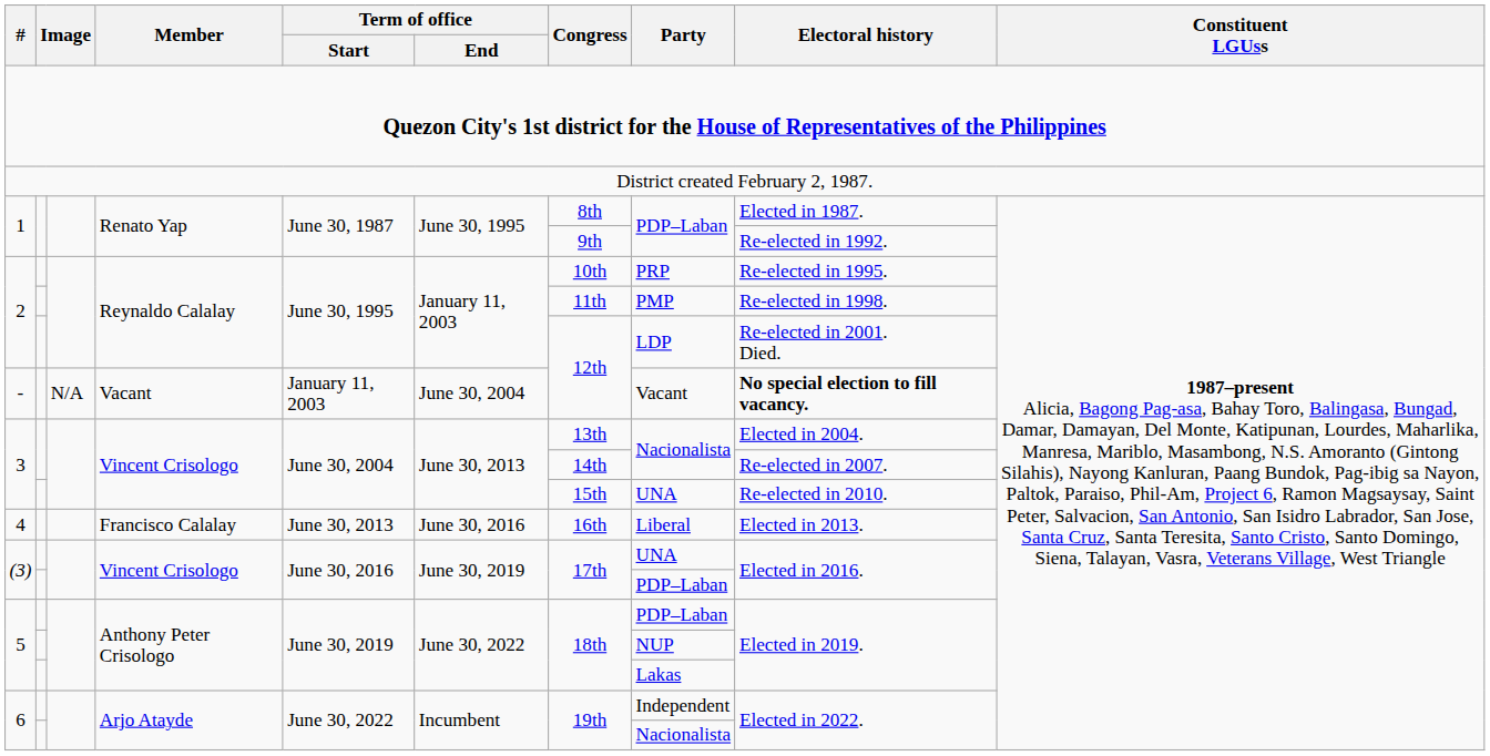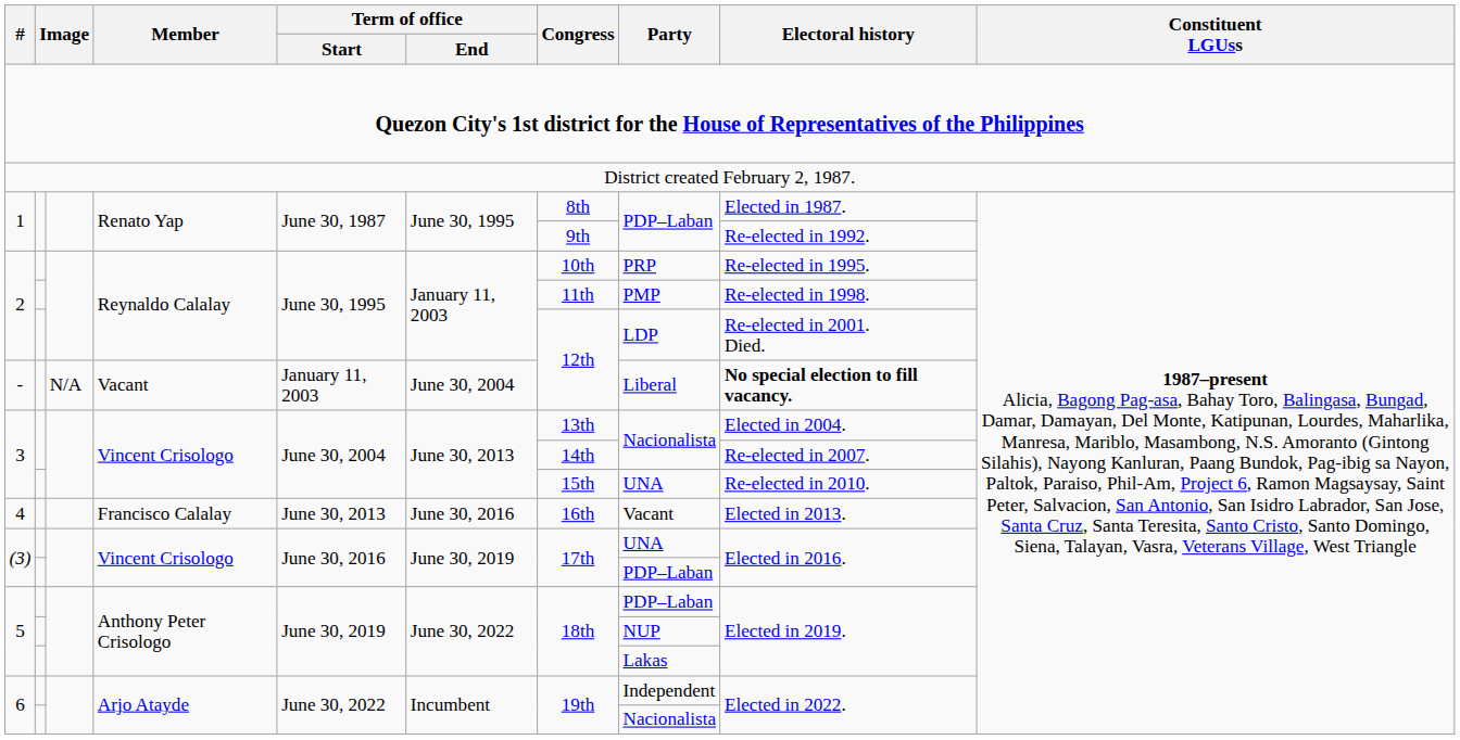 <table class=wikitable>
 <tr>
 <th rowspan="2">#</th>
 <th rowspan="2" colspan=2>Image</th>
 <th rowspan="2">Member</th>
 <th colspan=2>Term of office</th>
 <th rowspan="2">Congress</th>
 <th rowspan="2">Party</th>
 <th rowspan="2">Electoral history</th>
 <th style="width:33%;" rowspan="2">Constituent<br><a href='#'>LGUs</a>s</th>
 </tr>
 <tr>
 <th>Start</th>
 <th>End</th>
 </tr>
 <tr>
 <td colspan="10" style="text-align:center;"><br><h3>Quezon City's 1st district for the <a href='#'>House of Representatives of the Philippines</a></h3></td>
 </tr>
 <tr>
 <td colspan=" 10" style="text-align:center;">District created February 2, 1987.</td>
 </tr>
 <tr>
 <td rowspan=2 style="text-align:center;">1</td>
 <td rowspan=2 style="color:inherit;background:"></td>
 <td rowspan=2></td>
 <td rowspan=2>Renato Yap</td>
 <td rowspan=2>June 30, 1987</td>
 <td rowspan=2>June 30, 1995</td>
 <td style="text-align:center;"><a href='#'>8th</a></td>
 <td rowspan=2><a href='#'>PDP–Laban</a></td>
 <td><a href='#'>Elected in 1987</a>.</td>
 <td rowspan="17" style="text-align:center;"><strong>1987–present</strong><br>Alicia, <a href='#'>Bagong Pag-asa</a>, Bahay Toro, <a href='#'>Balingasa</a>, <a href='#'>Bungad</a>, Damar, Damayan, Del Monte, Katipunan, Lourdes, Maharlika, Manresa, Mariblo, Masambong, N.S. Amoranto (Gintong Silahis), Nayong Kanluran, Paang Bundok, Pag-ibig sa Nayon, Paltok, Paraiso, Phil-Am, <a href='#'>Project 6</a>, Ramon Magsaysay, Saint Peter, Salvacion, <a href='#'>San Antonio</a>, San Isidro Labrador, San Jose, <a href='#'>Santa Cruz</a>, Santa Teresita, <a href='#'>Santo Cristo</a>, Santo Domingo, Siena, Talayan, Vasra, <a href='#'>Veterans Village</a>, West Triangle</td>
 </tr>
 <tr>
 <td style="text-align:center;"><a href='#'>9th</a></td>
 <td><a href='#'>Re-elected in 1992</a>.</td>
 </tr>
 <tr>
 <td rowspan=3 style="text-align:center;">2</td>
 <td style="color:inherit;background:"></td>
 <td rowspan=3></td>
 <td rowspan=3>Reynaldo Calalay</td>
 <td rowspan=3>June 30, 1995</td>
 <td rowspan=3>January 11, 2003</td>
 <td style="text-align:center;"><a href='#'>10th</a></td>
 <td><a href='#'>PRP</a></td>
 <td><a href='#'>Re-elected in 1995</a>.</td>
 </tr>
 <tr>
 <td style="color:inherit;background:"></td>
 <td style="text-align:center;"><a href='#'>11th</a></td>
 <td><a href='#'>PMP</a></td>
 <td><a href='#'>Re-elected in 1998</a>.</td>
 </tr>
 <tr>
 <td style="color:inherit;background:"></td>
 <td rowspan="2" style="text-align:center;"><a href='#'>12th</a></td>
 <td><a href='#'>LDP</a></td>
 <td><a href='#'>Re-elected in 2001</a>.<br>Died.</td>
 </tr>
 <tr>
 <td style="text-align:center;">-</td>
 <td style="color:inherit;background:"></td>
 <td>N/A</td>
 <td>Vacant</td>
 <td>January 11, 2003</td>
 <td>June 30, 2004</td>
-<td>Vacant</td>
+<td><a href='#'>Liberal</a></td>
 <td><strong>No special election to fill vacancy.</strong></td>
 </tr>
 <tr>
 <td rowspan="3" style="text-align:center;">3</td>
 <td rowspan="2" style="color:inherit;background:"></td>
 <td rowspan="3"></td>
 <td rowspan="3"><a href='#'>Vincent Crisologo</a></td>
 <td rowspan="3">June 30, 2004</td>
 <td rowspan="3">June 30, 2013</td>
 <td style="text-align:center;"><a href='#'>13th</a></td>
 <td rowspan="2"><a href='#'>Nacionalista</a></td>
 <td><a href='#'>Elected in 2004</a>.</td>
 </tr>
 <tr>
 <td style="text-align:center;"><a href='#'>14th</a></td>
 <td><a href='#'>Re-elected in 2007</a>.</td>
 </tr>
 <tr>
 <td style="color:inherit;background:"></td>
 <td style="text-align:center;"><a href='#'>15th</a></td>
 <td><a href='#'>UNA</a></td>
 <td><a href='#'>Re-elected in 2010</a>.</td>
 </tr>
 <tr>
 <td style="text-align:center;">4</td>
 <td style="color:inherit;background:"></td>
 <td></td>
 <td>Francisco Calalay</td>
 <td>June 30, 2013</td>
 <td>June 30, 2016</td>
 <td style="text-align:center;"><a href='#'>16th</a></td>
-<td><a href='#'>Liberal</a></td>
+<td>Vacant</td>
 <td><a href='#'>Elected in 2013</a>.</td>
 </tr>
 <tr>
 <td style="text-align:center;" rowspan="2"><em>(3)</em></td>
 <td style="color:inherit;background:"></td>
 <td rowspan="2"></td>
 <td rowspan="2"><a href='#'>Vincent Crisologo</a></td>
 <td rowspan="2">June 30, 2016</td>
 <td rowspan="2">June 30, 2019</td>
 <td style="text-align:center;" rowspan="2"><a href='#'>17th</a></td>
 <td><a href='#'>UNA</a></td>
 <td rowspan="2"><a href='#'>Elected in 2016</a>.</td>
 </tr>
 <tr>
 <td style="color:inherit;background:"></td>
 <td><a href='#'>PDP–Laban</a></td>
 </tr>
 <tr>
 <td rowspan=3 style="text-align:center;">5</td>
 <td style="color:inherit;background:"></td>
 <td rowspan=3></td>
 <td rowspan=3>Anthony Peter Crisologo</td>
 <td rowspan=3>June 30, 2019</td>
 <td rowspan=3>June 30, 2022</td>
 <td rowspan=3 style="text-align:center;"><a href='#'>18th</a></td>
 <td><a href='#'>PDP–Laban</a></td>
 <td rowspan=3><a href='#'>Elected in 2019</a>.</td>
 </tr>
 <tr>
 <td style="color:inherit;background:"></td>
 <td><a href='#'>NUP</a></td>
 </tr>
 <tr>
 <td style="color:inherit;background:"></td>
 <td><a href='#'>Lakas</a></td>
 </tr>
 <tr>
 <td rowspan=2 style="text-align:center;">6</td>
 <td style="color:inherit;background:"></td>
 <td rowspan=2></td>
 <td rowspan=2><a href='#'>Arjo Atayde</a></td>
 <td rowspan=2>June 30, 2022</td>
 <td rowspan=2>Incumbent</td>
 <td rowspan=2 style="text-align:center;"><a href='#'>19th</a></td>
 <td>Independent</td>
 <td rowspan=2><a href='#'>Elected in 2022</a>.</td>
 </tr>
 <tr>
 <td style="color:inherit;background:"></td>
 <td><a href='#'>Nacionalista</a></td>
 </tr>
 </table>
